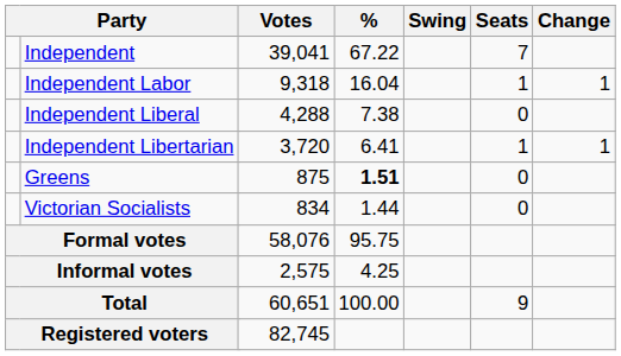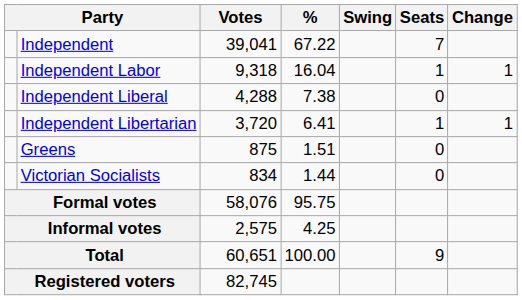 <table class="wikitable" style="text-align:right; margin-bottom:0">
 <tr>
 <th colspan="3" style="width:10px">Party</th>
 <th style="width:70px;">Votes</th>
 <th style="width:40px;">%</th>
 <th style="width:40px;">Swing</th>
 <th style="width:40px;">Seats</th>
 <th style="width:40px;">Change</th>
 </tr>
 <tr>
 <td> </td>
 <td colspan="2" style="text-align:left;"><a href='#'>Independent</a></td>
 <td style="width:70px;">39,041</td>
 <td style="width:40px;">67.22</td>
 <td style="width:45px;"></td>
 <td style="width:40px;">7</td>
 <td style="width:40px;"></td>
 </tr>
 <tr>
 <td> </td>
 <td colspan="2" style="text-align:left;"><a href='#'>Independent Labor</a></td>
 <td>9,318</td>
 <td>16.04</td>
 <td></td>
 <td>1</td>
 <td> 1</td>
 </tr>
 <tr>
 <td> </td>
 <td colspan="2" style="text-align:left;"><a href='#'>Independent Liberal</a></td>
 <td>4,288</td>
 <td>7.38</td>
 <td></td>
 <td>0</td>
 <td></td>
 </tr>
 <tr>
 <td> </td>
 <td colspan="2" style="text-align:left;"><a href='#'>Independent Libertarian</a></td>
 <td>3,720</td>
 <td>6.41</td>
 <td></td>
 <td>1</td>
 <td> 1</td>
 </tr>
 <tr>
 <td> </td>
 <td colspan="2" style="text-align:left;"><a href='#'>Greens</a></td>
 <td>875</td>
-<td><strong>1.51</strong></td>
+<td>1.51</td>
 <td></td>
 <td>0</td>
 <td></td>
 </tr>
 <tr>
 <td> </td>
 <td colspan="2" style="text-align:left;"><a href='#'>Victorian Socialists</a></td>
 <td>834</td>
 <td>1.44</td>
 <td></td>
 <td>0</td>
 <td></td>
 </tr>
 <tr>
 <th colspan="3" rowspan="1"> Formal votes</th>
 <td>58,076</td>
 <td>95.75</td>
 <td></td>
 <td></td>
 <td></td>
 </tr>
 <tr>
 <th colspan="3" rowspan="1"> Informal votes</th>
 <td>2,575</td>
 <td>4.25</td>
 <td></td>
 <td></td>
 <td></td>
 </tr>
 <tr>
 <th colspan="3" rowspan="1"> Total</th>
 <td>60,651</td>
 <td>100.00</td>
 <td></td>
 <td>9</td>
 <td></td>
 </tr>
 <tr>
 <th colspan="3" rowspan="1"> Registered voters</th>
 <td>82,745</td>
 <td></td>
 <td></td>
 <td></td>
 <td></td>
 </tr>
 </table>
